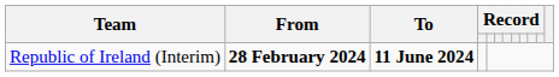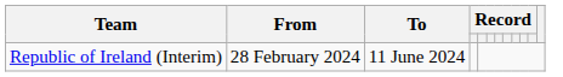 <table class="wikitable" style="text-align: center">
 <tr>
 <th rowspan="2">Team</th>
 <th rowspan="2">From</th>
 <th rowspan="2">To</th>
 <th colspan="8">Record</th>
 <th rowspan=2></th>
 </tr>
 <tr>
 <th></th>
 <th></th>
 <th></th>
 <th></th>
 <th></th>
 <th></th>
 <th></th>
 <th></th>
 </tr>
 <tr>
 <td align=left><a href='#'>Republic of Ireland</a> (Interim)</td>
-<td align=left><strong>28 February 2024</strong></td>
-<td align=left><strong>11 June 2024<br></strong></td>
+<td align=left>28 February 2024</td>
+<td align=left>11 June 2024<br></td>
 <td></td>
 </tr>
 </table>
